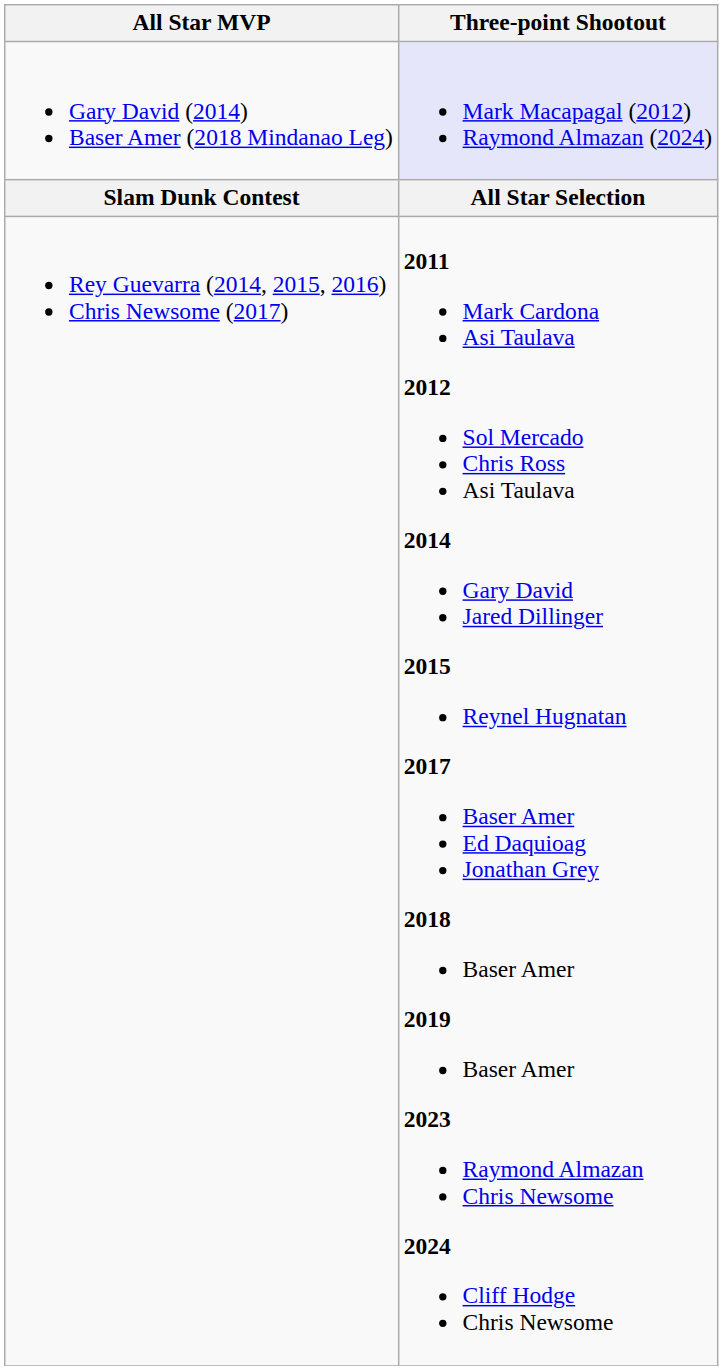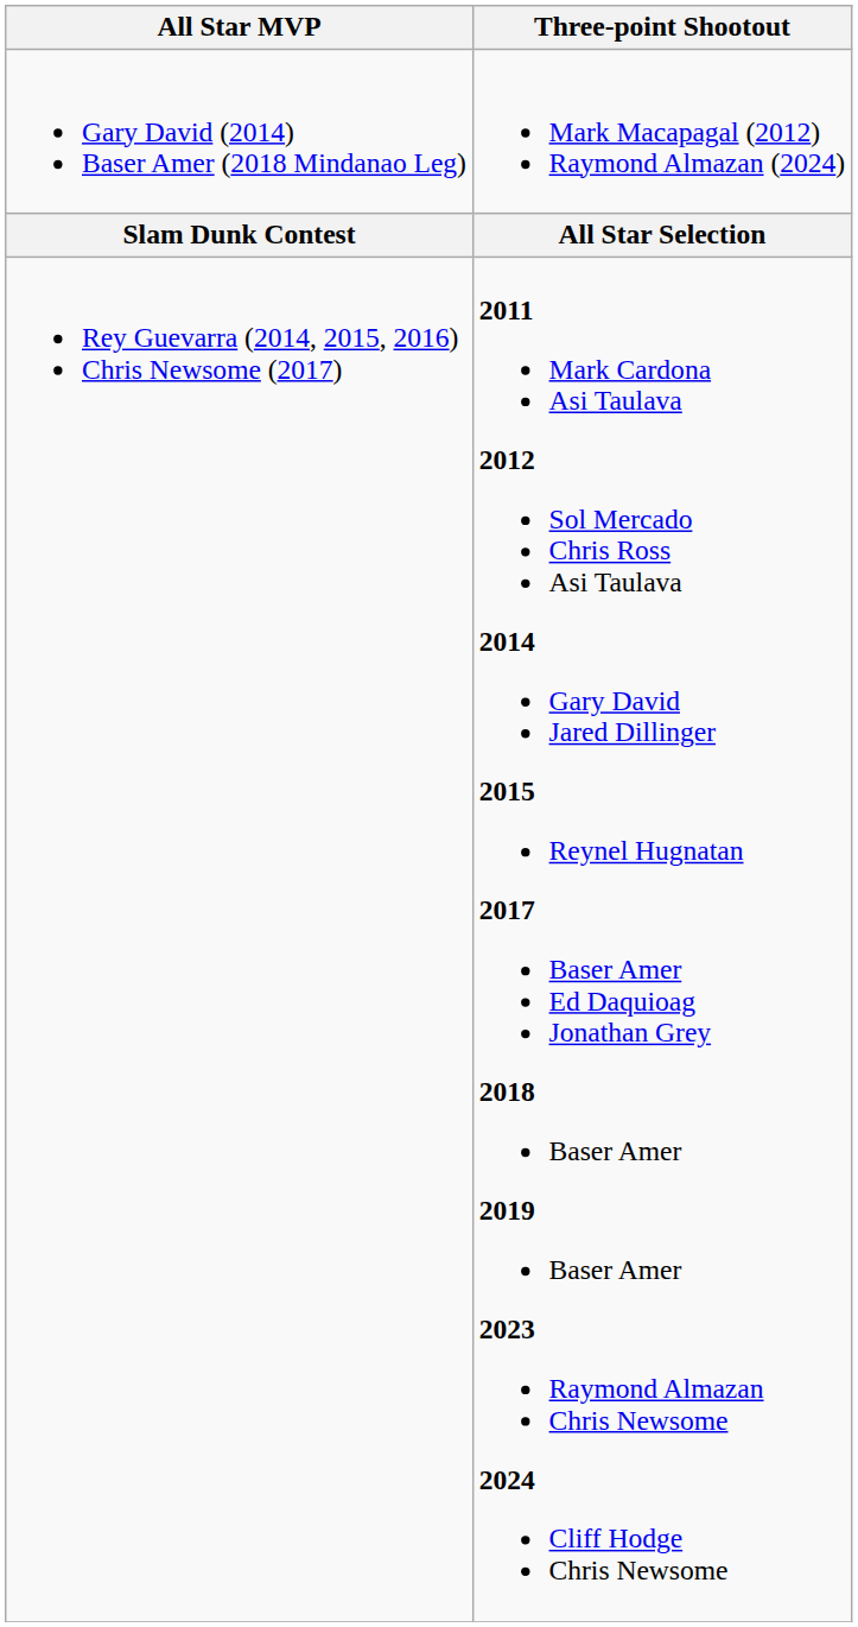 <table class=wikitable>
 <tr>
 <th>All Star MVP</th>
 <th>Three-point Shootout</th>
 </tr>
 <tr>
 <td valign="top"><br><ul><li><a href='#'>Gary David</a> (<a href='#'>2014</a>)</li><li><a href='#'>Baser Amer</a> (<a href='#'>2018 Mindanao Leg</a>)</li></ul></td>
-<td valign="top" style="background: lavender;"><br><ul><li><a href='#'>Mark Macapagal</a> (<a href='#'>2012</a>)</li><li><a href='#'>Raymond Almazan</a> (<a href='#'>2024</a>)</li></ul></td>
+<td valign="top"><br><ul><li><a href='#'>Mark Macapagal</a> (<a href='#'>2012</a>)</li><li><a href='#'>Raymond Almazan</a> (<a href='#'>2024</a>)</li></ul></td>
 </tr>
 <tr>
 <th>Slam Dunk Contest</th>
 <th>All Star Selection</th>
 </tr>
 <tr>
 <td valign="top"><br><ul><li><a href='#'>Rey Guevarra</a> (<a href='#'>2014</a>, <a href='#'>2015</a>, <a href='#'>2016</a>)</li><li><a href='#'>Chris Newsome</a> (<a href='#'>2017</a>)</li></ul></td>
 <td valign="top"><br><strong>2011</strong><ul><li><a href='#'>Mark Cardona</a></li><li><a href='#'>Asi Taulava</a></li></ul><strong>2012</strong><ul><li><a href='#'>Sol Mercado</a></li><li><a href='#'>Chris Ross</a></li><li>Asi Taulava</li></ul><strong>2014</strong><ul><li><a href='#'>Gary David</a></li><li><a href='#'>Jared Dillinger</a></li></ul><strong>2015</strong><ul><li><a href='#'>Reynel Hugnatan</a></li></ul><strong>2017</strong><ul><li><a href='#'>Baser Amer</a></li><li><a href='#'>Ed Daquioag</a></li><li><a href='#'>Jonathan Grey</a></li></ul><strong>2018</strong><ul><li>Baser Amer</li></ul><strong>2019</strong><ul><li>Baser Amer</li></ul><strong>2023</strong><ul><li><a href='#'>Raymond Almazan</a></li><li><a href='#'>Chris Newsome</a></li></ul><strong>2024</strong><ul><li><a href='#'>Cliff Hodge</a></li><li>Chris Newsome</li></ul></td>
 </tr>
 </table>
